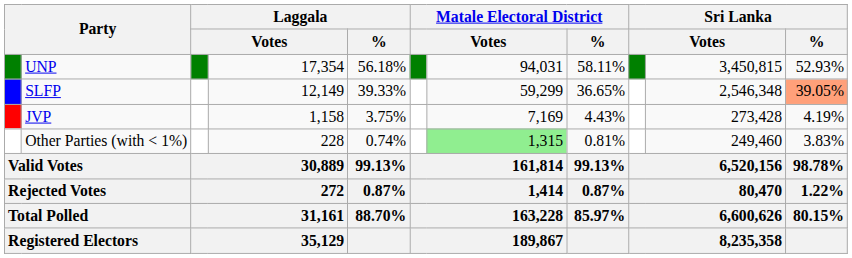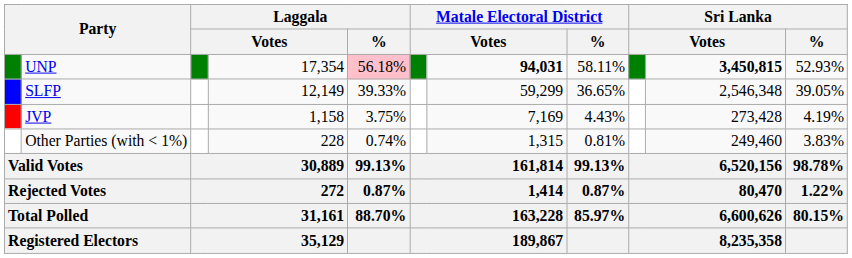 <table class="wikitable">
 <tr>
 <th colspan="2" width="144px"rowspan="2">Party</th>
 <th colspan="3" width="216px">Laggala</th>
 <th colspan="3" width="216px"><a href='#'>Matale Electoral District</a></th>
 <th colspan="3" width="216px">Sri Lanka</th>
 </tr>
 <tr>
 <th colspan="2" width="144px">Votes</th>
 <th>%</th>
 <th colspan="2" width="144px">Votes</th>
 <th>%</th>
 <th colspan="2" width="144px">Votes</th>
 <th>%</th>
 </tr>
 <tr>
 <td style="background-color:green;" width="10px"></td>
 <td style="text-align:left;"><a href='#'>UNP</a></td>
 <td style="background-color:green;" width="10px"></td>
 <td style="text-align:right;">17,354</td>
-<td style="text-align:right;">56.18%</td>
+<td style="background: pink; text-align:right;">56.18%</td>
 <td style="background-color:green;" width="10px"></td>
-<td style="text-align:right;">94,031</td>
+<td style="text-align:right;"><strong>94,031</strong></td>
 <td style="text-align:right;">58.11%</td>
 <td style="background-color:green;" width="10px"></td>
-<td style="text-align:right;">3,450,815</td>
+<td style="text-align:right;"><strong>3,450,815</strong></td>
 <td style="text-align:right;">52.93%</td>
 </tr>
 <tr>
 <td style="background-color:blue;" width="10px"></td>
 <td style="text-align:left;"><a href='#'>SLFP</a></td>
 <td style="background-color:white;" width="10px"></td>
 <td style="text-align:right;">12,149</td>
 <td style="text-align:right;">39.33%</td>
 <td style="background-color:white;" width="10px"></td>
 <td style="text-align:right;">59,299</td>
 <td style="text-align:right;">36.65%</td>
 <td style="background-color:white;" width="10px"></td>
 <td style="text-align:right;">2,546,348</td>
-<td style="background: lightsalmon; text-align:right;">39.05%</td>
+<td style="text-align:right;">39.05%</td>
 </tr>
 <tr>
 <td style="background-color:red;" width="10px"></td>
 <td style="text-align:left;"><a href='#'>JVP</a></td>
 <td style="background-color:white;" width="10px"></td>
 <td style="text-align:right;">1,158</td>
 <td style="text-align:right;">3.75%</td>
 <td style="background-color:white;" width="10px"></td>
 <td style="text-align:right;">7,169</td>
 <td style="text-align:right;">4.43%</td>
 <td style="background-color:white;" width="10px"></td>
 <td style="text-align:right;">273,428</td>
 <td style="text-align:right;">4.19%</td>
 </tr>
 <tr>
 <td style="background-color:white;" width="10px"></td>
 <td style="text-align:left;">Other Parties (with < 1%)</td>
 <td style="background-color:white;" width="10px"></td>
 <td style="text-align:right;">228</td>
 <td style="text-align:right;">0.74%</td>
 <td style="background-color:white;" width="10px"></td>
-<td style="background: lightgreen; text-align:right;">1,315</td>
+<td style="text-align:right;">1,315</td>
 <td style="text-align:right;">0.81%</td>
 <td style="background-color:white;" width="10px"></td>
 <td style="text-align:right;">249,460</td>
 <td style="text-align:right;">3.83%</td>
 </tr>
 <tr>
 <th colspan="2" width="144px"style="text-align:left;">Valid Votes</th>
 <th style="text-align:right;"colspan="2" width="144px">30,889</th>
 <th style="text-align:right;">99.13%</th>
 <th style="text-align:right;"colspan="2" width="144px">161,814</th>
 <th style="text-align:right;">99.13%</th>
 <th style="text-align:right;"colspan="2" width="144px">6,520,156</th>
 <th style="text-align:right;">98.78%</th>
 </tr>
 <tr>
 <th colspan="2" width="144px"style="text-align:left;">Rejected Votes</th>
 <th style="text-align:right;"colspan="2" width="144px">272</th>
 <th style="text-align:right;">0.87%</th>
 <th style="text-align:right;"colspan="2" width="144px">1,414</th>
 <th style="text-align:right;">0.87%</th>
 <th style="text-align:right;"colspan="2" width="144px">80,470</th>
 <th style="text-align:right;">1.22%</th>
 </tr>
 <tr>
 <th colspan="2" width="144px"style="text-align:left;">Total Polled</th>
 <th style="text-align:right;"colspan="2" width="144px">31,161</th>
 <th style="text-align:right;">88.70%</th>
 <th style="text-align:right;"colspan="2" width="144px">163,228</th>
 <th style="text-align:right;">85.97%</th>
 <th style="text-align:right;"colspan="2" width="144px">6,600,626</th>
 <th style="text-align:right;">80.15%</th>
 </tr>
 <tr>
 <th colspan="2" width="144px"style="text-align:left;">Registered Electors</th>
 <th style="text-align:right;"colspan="2" width="144px">35,129</th>
 <th></th>
 <th style="text-align:right;"colspan="2" width="144px">189,867</th>
 <th></th>
 <th style="text-align:right;"colspan="2" width="144px">8,235,358</th>
 <th></th>
 </tr>
 </table>
